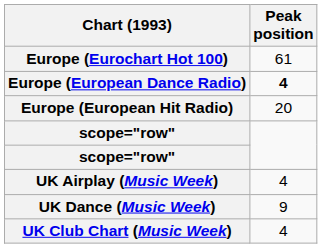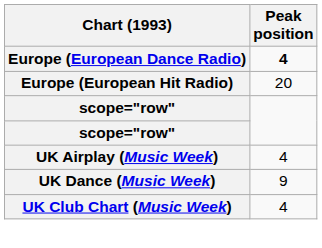 <table class="wikitable sortable plainrowheaders">
 <tr>
 <th scope="col">Chart (1993)</th>
 <th scope="col">Peak<br>position</th>
-</tr>
-<tr>
-<th scope="row">Europe (<a href='#'>Eurochart Hot 100</a>)</th>
-<td align="center">61</td>
 </tr>
 <tr>
 <th scope="row">Europe (<a href='#'>European Dance Radio</a>)</th>
 <td align="center"><strong>4</strong></td>
 </tr>
 <tr>
 <th scope="row">Europe (European Hit Radio)</th>
 <td align="center">20</td>
 </tr>
 <tr>
 <th>scope="row" </th>
 </tr>
 <tr>
 <th>scope="row" </th>
 </tr>
 <tr>
 <th scope="row">UK Airplay (<em><a href='#'>Music Week</a></em>)</th>
 <td align="center">4</td>
 </tr>
 <tr>
 <th scope="row">UK Dance (<em><a href='#'>Music Week</a></em>)</th>
 <td align="center">9</td>
 </tr>
 <tr>
 <th scope="row"><a href='#'>UK Club Chart</a> (<em><a href='#'>Music Week</a></em>)</th>
 <td align="center">4</td>
 </tr>
 </table>
